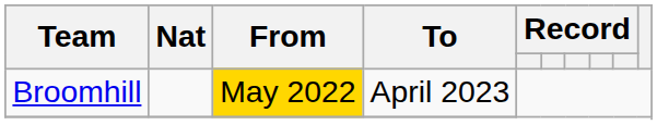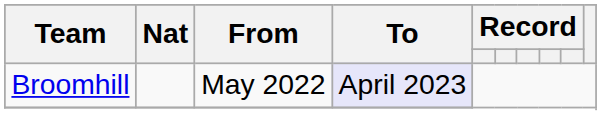 <table class="wikitable" style="text-align:center">
 <tr>
 <th rowspan="2">Team</th>
 <th rowspan="2">Nat</th>
 <th rowspan="2">From</th>
 <th rowspan="2">To</th>
 <th colspan="5">Record</th>
 <th rowspan=2></th>
 </tr>
 <tr>
 <th></th>
 <th></th>
 <th></th>
 <th></th>
 <th></th>
 </tr>
 <tr>
 <td align="left"><a href='#'>Broomhill</a></td>
 <td align="center"></td>
-<td align="center" style="background: gold;">May 2022</td>
-<td align="center">April 2023<br></td>
+<td align="center">May 2022</td>
+<td align="center" style="background: lavender;">April 2023<br></td>
 </tr>
 <tr>
 </tr>
 </table>
